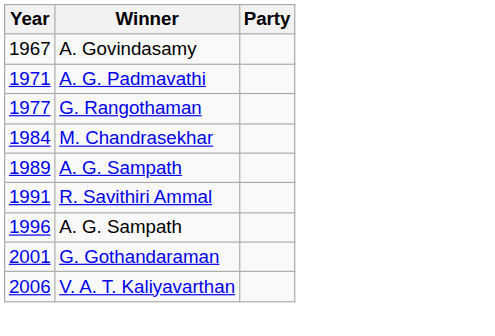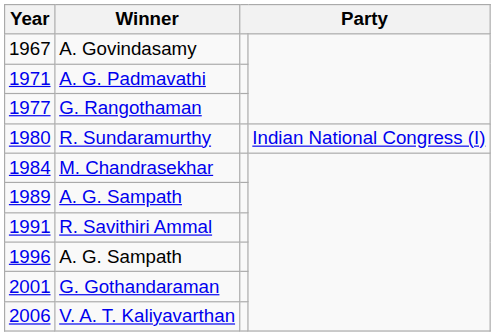 <table class="wikitable sortable">
 <tr>
 <th>Year</th>
 <th>Winner</th>
 <th colspan="2">Party</th>
 </tr>
 <tr>
 <td>1967</td>
 <td>A. Govindasamy</td>
 <td></td>
 </tr>
 <tr>
 <td><a href='#'>1971</a></td>
 <td><a href='#'>A. G. Padmavathi</a></td>
 <td></td>
 </tr>
 <tr>
 <td><a href='#'>1977</a></td>
 <td><a href='#'>G. Rangothaman</a></td>
 <td></td>
+</tr>
+<tr>
+<td><a href='#'>1980</a></td>
+<td><a href='#'>R. Sundaramurthy</a></td>
+<td></td>
+<td><a href='#'>Indian National Congress (I)</a></td>
 </tr>
 <tr>
 <td><a href='#'>1984</a></td>
 <td><a href='#'>M. Chandrasekhar</a></td>
 <td></td>
 </tr>
 <tr>
 <td><a href='#'>1989</a></td>
 <td><a href='#'>A. G. Sampath</a></td>
 <td></td>
 </tr>
 <tr>
 <td><a href='#'>1991</a></td>
 <td><a href='#'>R. Savithiri Ammal</a></td>
 <td></td>
 </tr>
 <tr>
 <td><a href='#'>1996</a></td>
 <td>A. G. Sampath</td>
 <td></td>
 </tr>
 <tr>
 <td><a href='#'>2001</a></td>
 <td><a href='#'>G. Gothandaraman</a></td>
 <td></td>
 </tr>
 <tr>
 <td><a href='#'>2006</a></td>
 <td><a href='#'>V. A. T. Kaliyavarthan</a></td>
 <td></td>
 </tr>
 </table>
